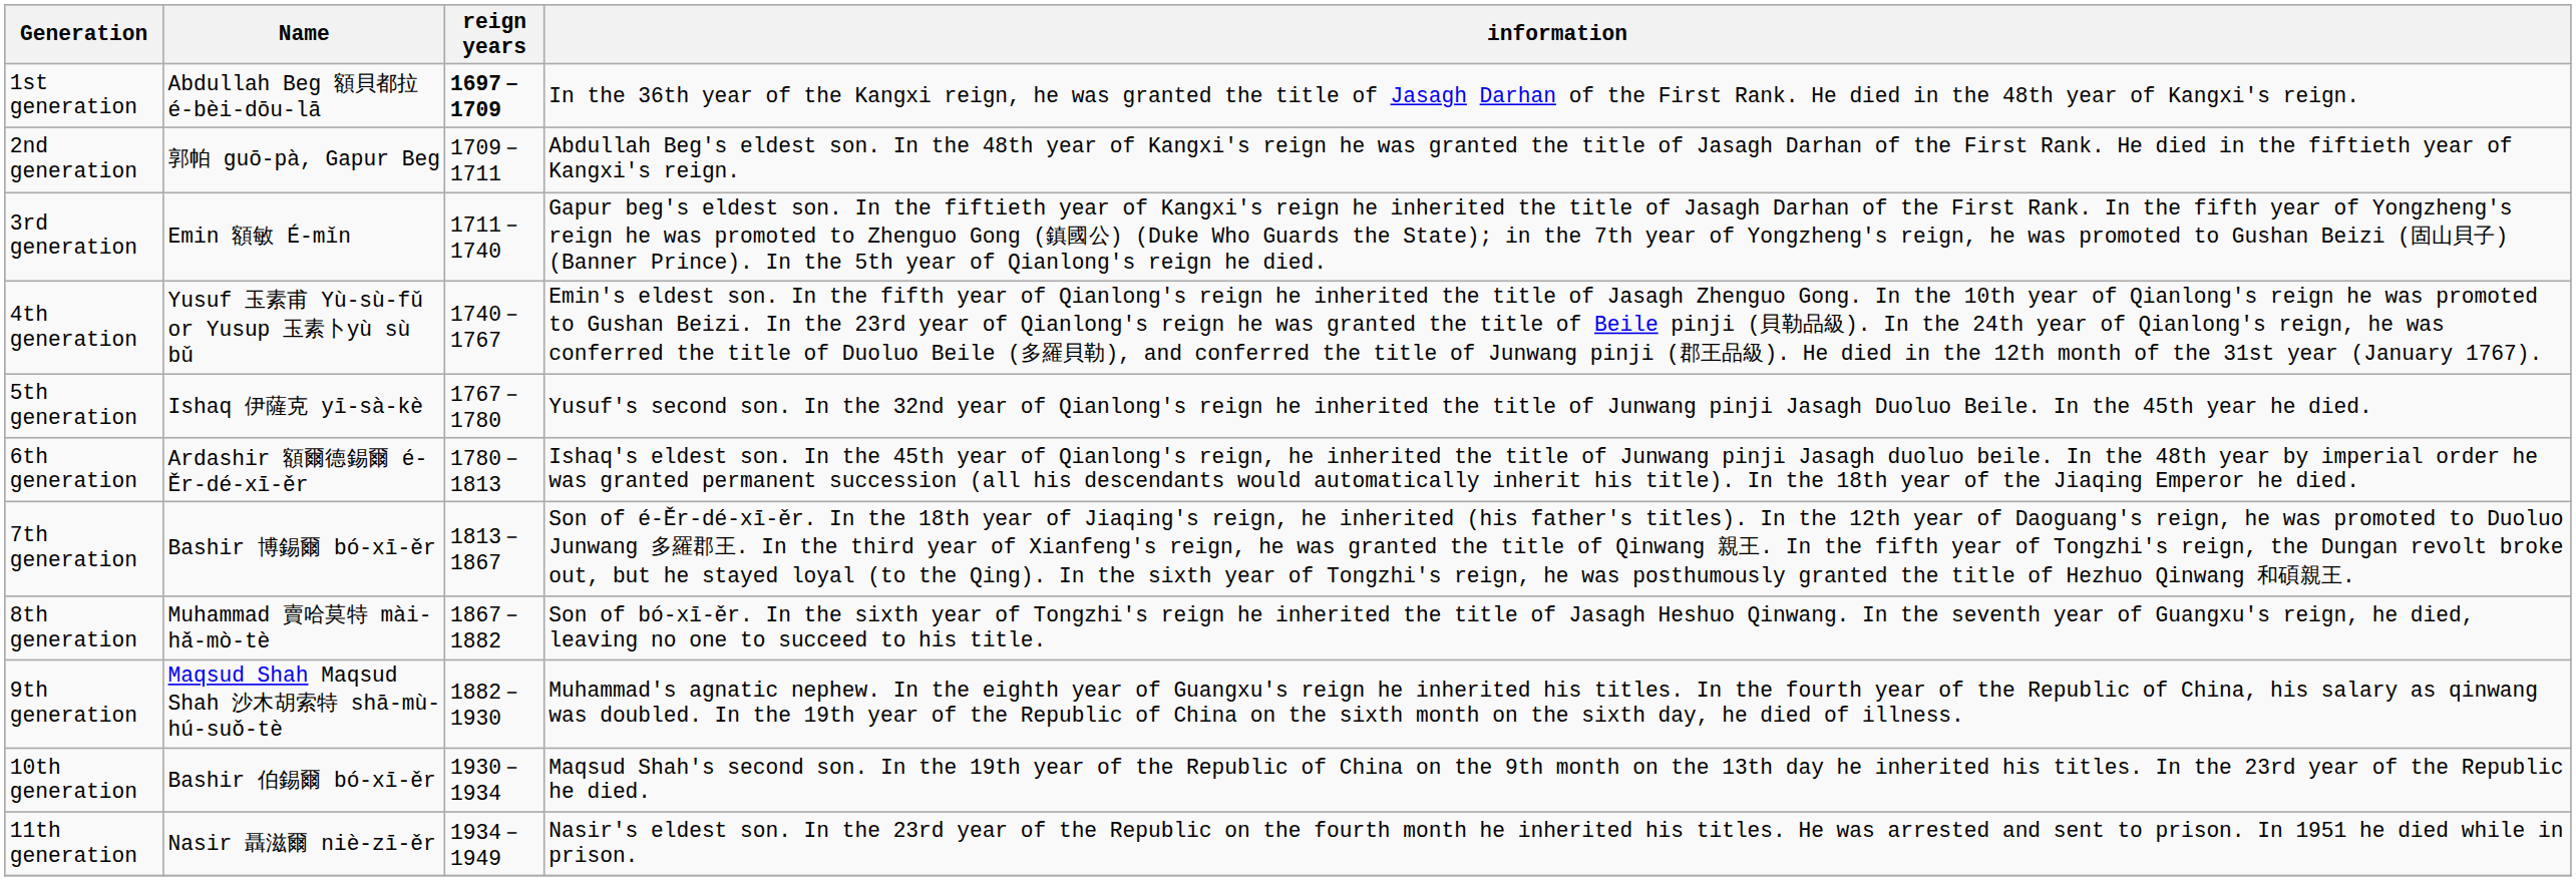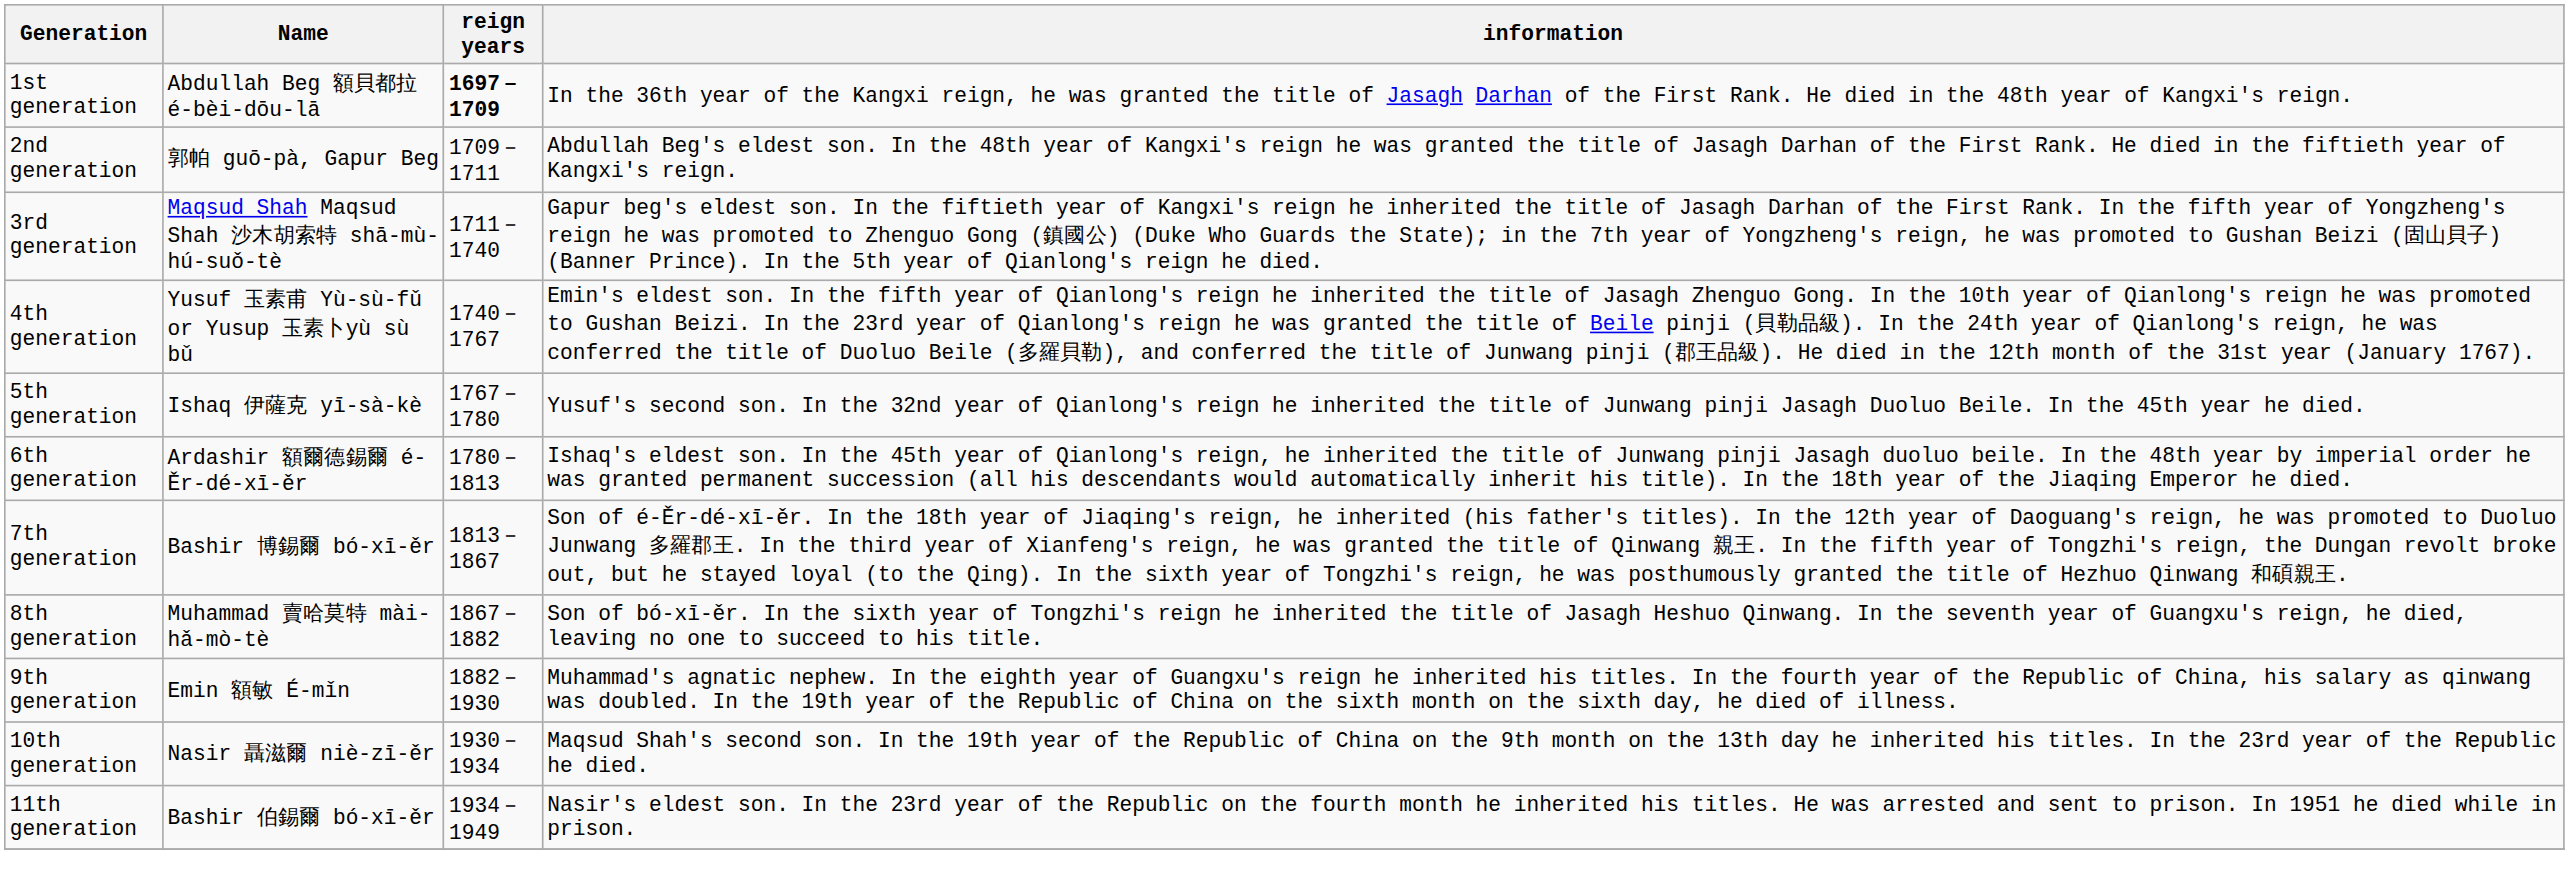 <table class="wikitable">
 <tr>
 <th>Generation</th>
 <th>Name</th>
 <th>reign years</th>
 <th>information</th>
 </tr>
 <tr>
 <td>1st generation</td>
 <td>Abdullah Beg 額貝都拉 é-bèi-dōu-lā</td>
 <td><strong>1697－1709</strong></td>
 <td>In the 36th year of the Kangxi reign, he was granted the title of <a href='#'>Jasagh</a> <a href='#'>Darhan</a> of the First Rank. He died in the 48th year of Kangxi's reign.</td>
 </tr>
 <tr>
 <td>2nd generation</td>
 <td>郭帕 guō-pà, Gapur Beg</td>
 <td>1709－1711</td>
 <td>Abdullah Beg's eldest son. In the 48th year of Kangxi's reign he was granted the title of Jasagh Darhan of the First Rank. He died in the fiftieth year of Kangxi's reign.</td>
 </tr>
 <tr>
 <td>3rd generation</td>
-<td>Emin 額敏 É-mǐn</td>
+<td><a href='#'>Maqsud Shah</a> Maqsud Shah 沙木胡索特 shā-mù-hú-suǒ-tè</td>
 <td>1711－1740</td>
 <td>Gapur beg's eldest son. In the fiftieth year of Kangxi's reign he inherited the title of Jasagh Darhan of the First Rank. In the fifth year of Yongzheng's reign he was promoted to Zhenguo Gong (鎮國公) (Duke Who Guards the State); in the 7th year of Yongzheng's reign, he was promoted to Gushan Beizi (固山貝子) (Banner Prince). In the 5th year of Qianlong's reign he died.</td>
 </tr>
 <tr>
 <td>4th generation</td>
 <td>Yusuf 玉素甫 Yù-sù-fǔ or Yusup 玉素卜yù sù bǔ</td>
 <td>1740－1767</td>
 <td>Emin's eldest son. In the fifth year of Qianlong's reign he inherited the title of Jasagh Zhenguo Gong. In the 10th year of Qianlong's reign he was promoted to Gushan Beizi. In the 23rd year of Qianlong's reign he was granted the title of <a href='#'>Beile</a> pinji (貝勒品級). In the 24th year of Qianlong's reign, he was conferred the title of Duoluo Beile (多羅貝勒), and conferred the title of Junwang pinji (郡王品級).  He died in the 12th month of the 31st year (January 1767).</td>
 </tr>
 <tr>
 <td>5th generation</td>
 <td>Ishaq 伊薩克 yī-sà-kè</td>
 <td>1767－1780</td>
 <td>Yusuf's second son.  In the 32nd year of Qianlong's reign he inherited the title of Junwang pinji Jasagh Duoluo Beile. In the 45th year he died.</td>
 </tr>
 <tr>
 <td>6th generation</td>
 <td>Ardashir 額爾德錫爾 é-Ěr-dé-xī-ěr</td>
 <td>1780－1813</td>
 <td>Ishaq's eldest son. In the 45th year of Qianlong's reign, he inherited the title of Junwang pinji Jasagh duoluo beile. In the 48th year by imperial order he was granted permanent succession (all his descendants would automatically inherit his title). In the 18th year of the Jiaqing Emperor he died.</td>
 </tr>
 <tr>
 <td>7th generation</td>
 <td>Bashir 博錫爾 bó-xī-ěr</td>
 <td>1813－1867</td>
 <td>Son of é-Ěr-dé-xī-ěr. In the 18th year of Jiaqing's reign, he inherited (his father's titles). In the 12th year of Daoguang's reign, he was promoted to Duoluo Junwang 多羅郡王. In the third year of Xianfeng's reign, he was granted the title of Qinwang 親王. In the fifth year of Tongzhi's reign, the Dungan revolt broke out, but he stayed loyal (to the Qing). In the sixth year of Tongzhi's reign, he was posthumously granted the title of Hezhuo Qinwang 和碩親王.</td>
 </tr>
 <tr>
 <td>8th generation</td>
 <td>Muhammad 賣哈莫特 mài-hǎ-mò-tè</td>
 <td>1867－1882</td>
 <td>Son of bó-xī-ěr. In the sixth year of Tongzhi's reign he inherited the title of Jasagh Heshuo Qinwang. In the seventh year of Guangxu's reign, he died, leaving no one to succeed to his title.</td>
 </tr>
 <tr>
 <td>9th generation</td>
-<td><a href='#'>Maqsud Shah</a> Maqsud Shah 沙木胡索特 shā-mù-hú-suǒ-tè</td>
+<td>Emin 額敏 É-mǐn</td>
 <td>1882－1930</td>
 <td>Muhammad's agnatic nephew. In the eighth year of Guangxu's reign he inherited his titles. In the fourth year of the Republic of China, his salary as qinwang was doubled. In the 19th year of the Republic of China on the sixth month on the sixth day, he died of illness.</td>
 </tr>
 <tr>
 <td>10th generation</td>
-<td>Bashir 伯錫爾 bó-xī-ěr</td>
+<td>Nasir 聶滋爾 niè-zī-ěr</td>
 <td>1930－1934</td>
 <td>Maqsud Shah's second son. In the 19th year of the Republic of China on the 9th month on the 13th day he inherited his titles. In the 23rd year of the Republic he died.</td>
 </tr>
 <tr>
 <td>11th generation</td>
-<td>Nasir 聶滋爾 niè-zī-ěr</td>
+<td>Bashir 伯錫爾 bó-xī-ěr</td>
 <td>1934－1949</td>
 <td>Nasir's eldest son. In the 23rd year of the Republic on the fourth month he inherited his titles. He was arrested and sent to prison. In 1951 he died while in prison.</td>
 </tr>
 <tr>
 </tr>
 </table>
